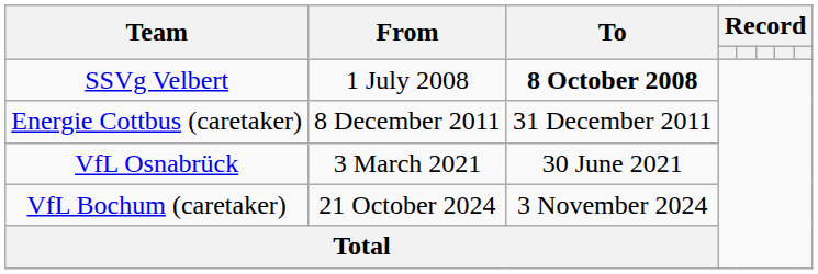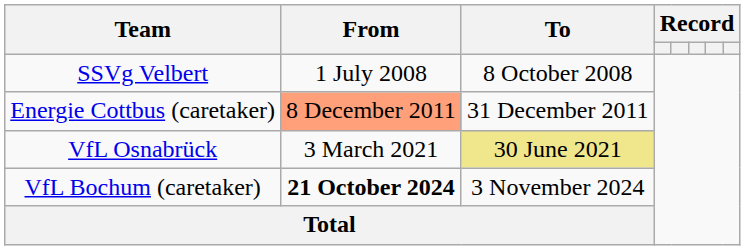 <table class="wikitable" style="text-align:center">
 <tr>
 <th rowspan="2">Team</th>
 <th rowspan="2">From</th>
 <th rowspan="2">To</th>
 <th colspan="8">Record</th>
 </tr>
 <tr>
 <th></th>
 <th></th>
 <th></th>
 <th></th>
 <th></th>
 </tr>
 <tr>
 <td><a href='#'>SSVg Velbert</a></td>
 <td>1 July 2008</td>
-<td><strong>8 October 2008<br></strong></td>
+<td>8 October 2008<br></td>
 </tr>
 <tr>
 <td><a href='#'>Energie Cottbus</a> (caretaker)</td>
-<td>8 December 2011</td>
+<td style="background: lightsalmon;">8 December 2011</td>
 <td>31 December 2011<br></td>
 </tr>
 <tr>
 <td><a href='#'>VfL Osnabrück</a></td>
 <td>3 March 2021</td>
-<td>30 June 2021<br></td>
+<td style="background: khaki;">30 June 2021<br></td>
 </tr>
 <tr>
 <td><a href='#'>VfL Bochum</a> (caretaker)</td>
-<td>21 October 2024</td>
+<td><strong>21 October 2024</strong></td>
 <td>3 November 2024<br></td>
 </tr>
 <tr>
 <th colspan="3">Total<br></th>
 </tr>
 </table>
